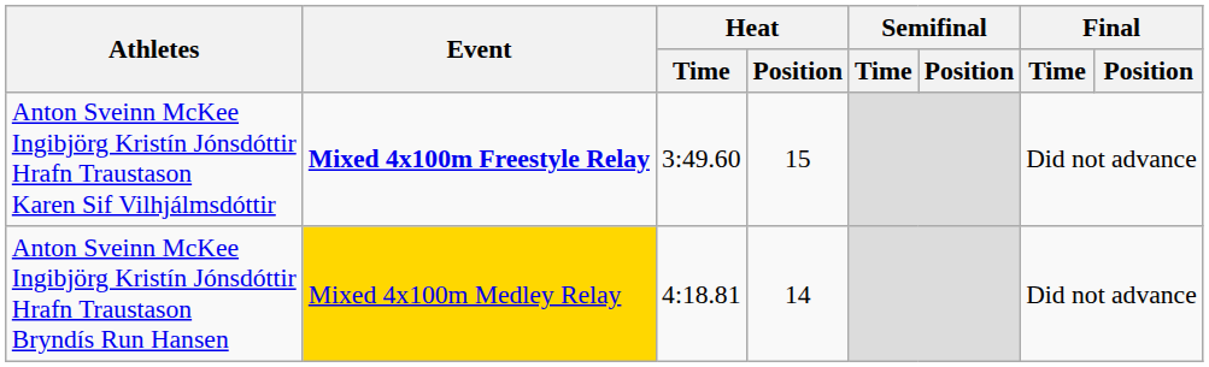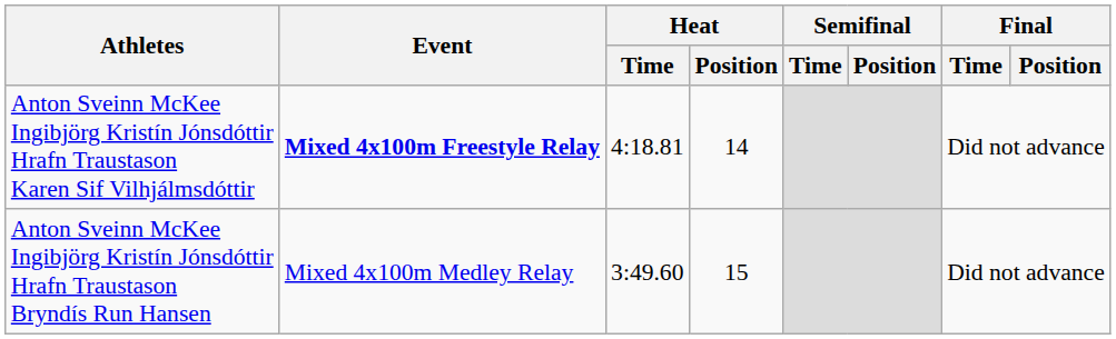 <table class="wikitable" border="1" style="font-size:90%">
 <tr>
 <th rowspan=2>Athletes</th>
 <th rowspan=2>Event</th>
 <th colspan=2>Heat</th>
 <th colspan=2>Semifinal</th>
 <th colspan=2>Final</th>
 </tr>
 <tr>
 <th>Time</th>
 <th>Position</th>
 <th>Time</th>
 <th>Position</th>
 <th>Time</th>
 <th>Position</th>
 </tr>
 <tr>
 <td><a href='#'>Anton Sveinn McKee</a><br><a href='#'>Ingibjörg Kristín Jónsdóttir</a><br><a href='#'>Hrafn Traustason</a><br><a href='#'>Karen Sif Vilhjálmsdóttir</a></td>
 <td><strong><a href='#'>Mixed 4x100m Freestyle Relay</a></strong></td>
+<td align=center>4:18.81</td>
+<td align=center>14</td>
+<td colspan=2 bgcolor=#DCDCDC></td>
+<td colspan="2" align=center>Did not advance</td>
+</tr>
+<tr>
+<td><a href='#'>Anton Sveinn McKee</a><br><a href='#'>Ingibjörg Kristín Jónsdóttir</a><br><a href='#'>Hrafn Traustason</a><br><a href='#'>Bryndís Run Hansen</a></td>
+<td><a href='#'>Mixed 4x100m Medley Relay</a></td>
 <td align=center>3:49.60</td>
 <td align=center>15</td>
 <td colspan=2 bgcolor=#DCDCDC></td>
 <td colspan="2" align=center>Did not advance</td>
 </tr>
-<tr>
-<td><a href='#'>Anton Sveinn McKee</a><br><a href='#'>Ingibjörg Kristín Jónsdóttir</a><br><a href='#'>Hrafn Traustason</a><br><a href='#'>Bryndís Run Hansen</a></td>
-<td style="background: gold;"><a href='#'>Mixed 4x100m Medley Relay</a></td>
-<td align=center>4:18.81</td>
-<td align=center>14</td>
-<td colspan=2 bgcolor=#DCDCDC></td>
-<td colspan="2" align=center>Did not advance</td>
-</tr>
 </table>
